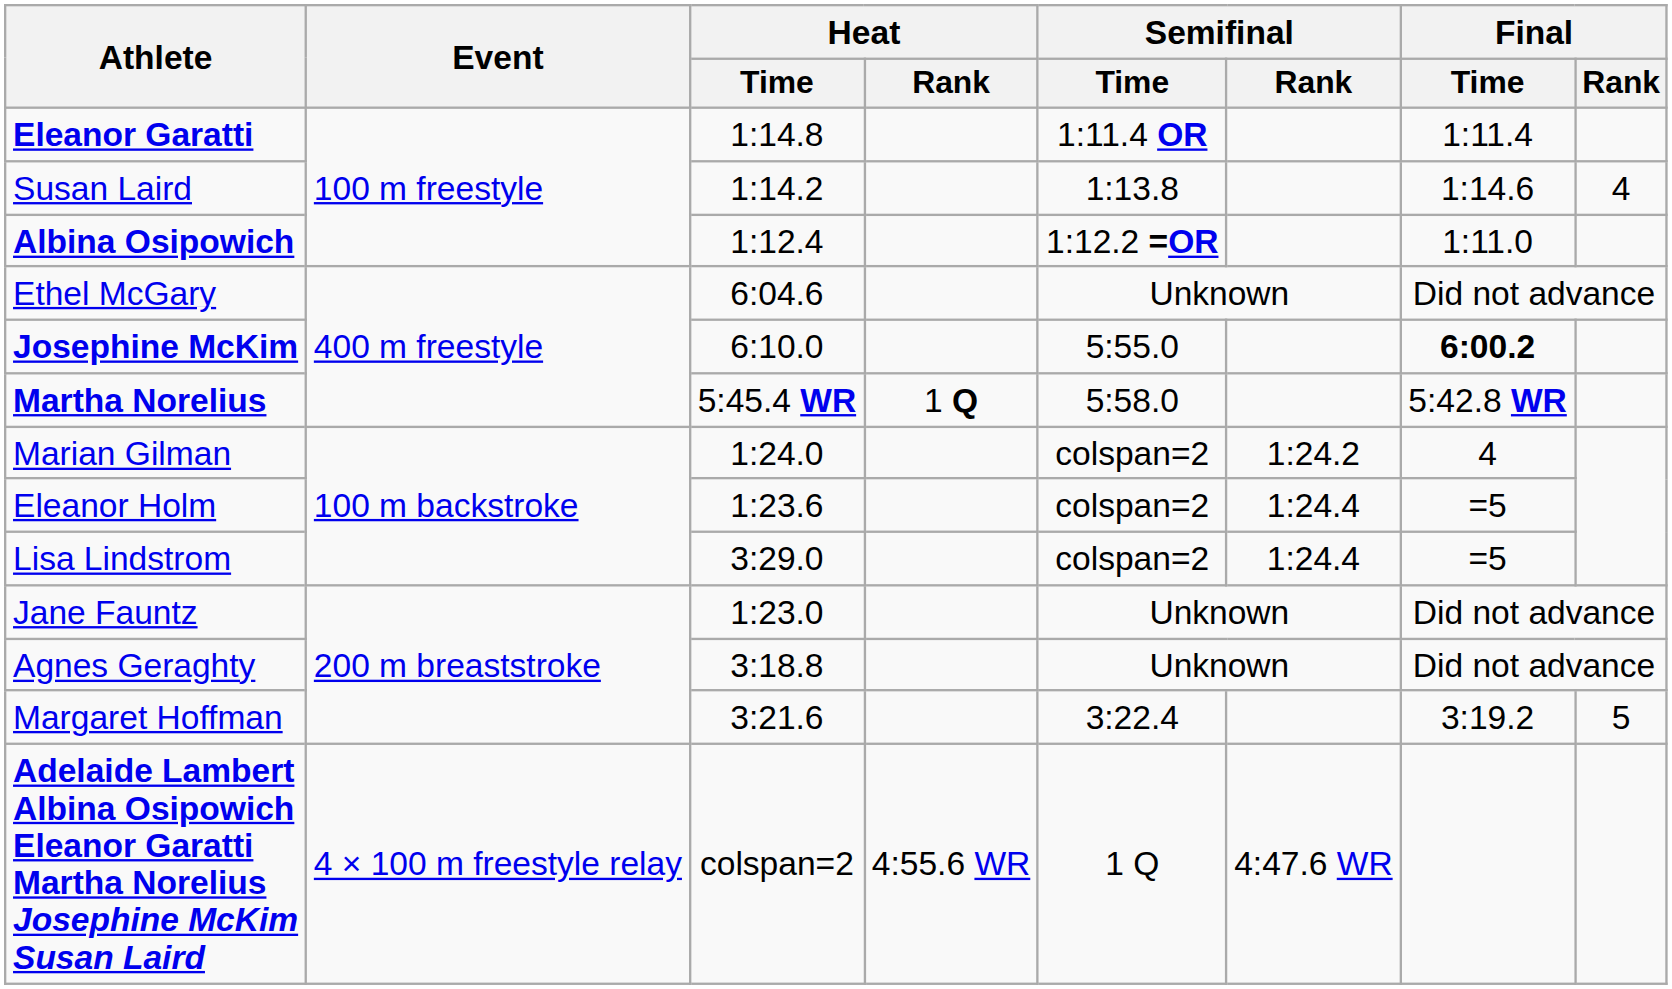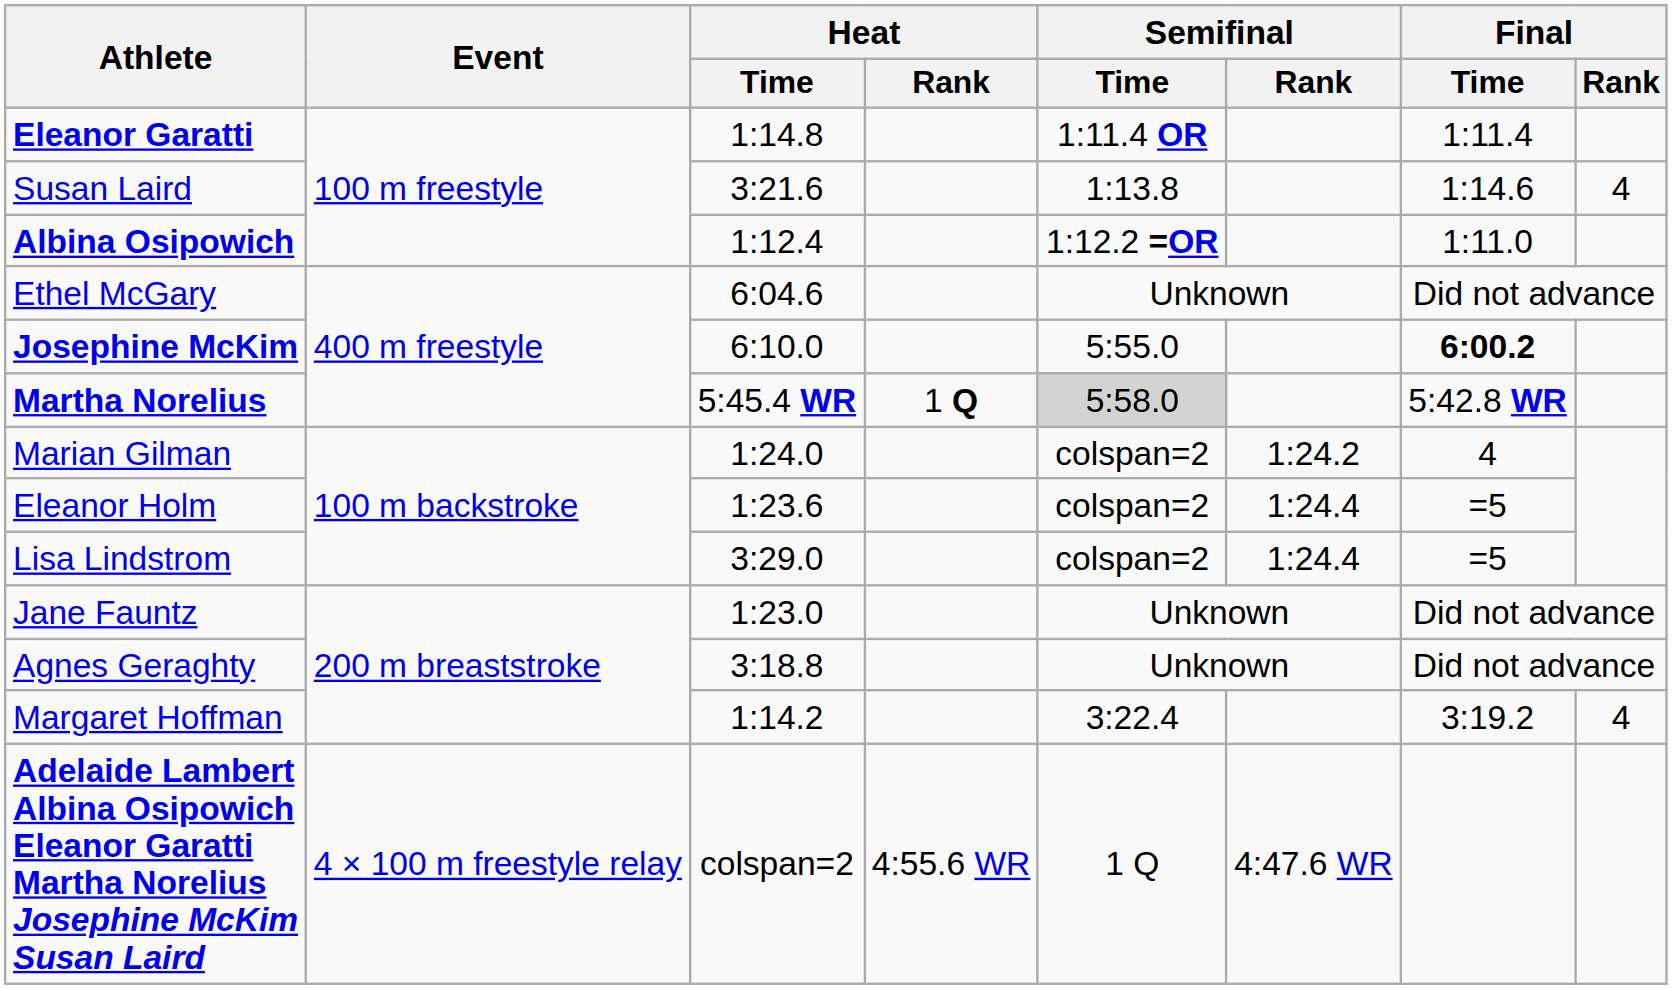 <table class=wikitable style="font-size:90%;">
 <tr>
 <th rowspan=2>Athlete</th>
 <th rowspan=2>Event</th>
 <th colspan=2>Heat</th>
 <th colspan=2>Semifinal</th>
 <th colspan=2>Final</th>
 </tr>
 <tr style="font-size:95%">
 <th>Time</th>
 <th>Rank</th>
 <th>Time</th>
 <th>Rank</th>
 <th>Time</th>
 <th>Rank</th>
 </tr>
 <tr align=center>
 <td align=left><strong><a href='#'>Eleanor Garatti</a></strong></td>
 <td rowspan=3 align=left><a href='#'>100 m freestyle</a></td>
 <td>1:14.8</td>
 <td></td>
 <td>1:11.4 <strong><a href='#'>OR</a></strong></td>
 <td></td>
 <td>1:11.4</td>
 <td></td>
 </tr>
 <tr align=center>
 <td align=left><a href='#'>Susan Laird</a></td>
-<td>1:14.2</td>
+<td>3:21.6</td>
 <td></td>
 <td>1:13.8</td>
 <td></td>
 <td>1:14.6</td>
 <td>4</td>
 </tr>
 <tr align=center>
 <td align=left><strong><a href='#'>Albina Osipowich</a></strong></td>
 <td>1:12.4</td>
 <td></td>
 <td>1:12.2 <strong>=<a href='#'>OR</a></strong></td>
 <td></td>
 <td>1:11.0</td>
 <td></td>
 </tr>
 <tr align=center>
 <td align=left><a href='#'>Ethel McGary</a></td>
 <td rowspan=3 align=left><a href='#'>400 m freestyle</a></td>
 <td>6:04.6</td>
 <td></td>
 <td colspan=2>Unknown</td>
 <td colspan=2>Did not advance</td>
 </tr>
 <tr align=center>
 <td align=left><strong><a href='#'>Josephine McKim</a></strong></td>
 <td>6:10.0</td>
 <td></td>
 <td>5:55.0</td>
 <td></td>
 <td><strong>6:00.2</strong></td>
 <td></td>
 </tr>
 <tr align=center>
 <td align=left><strong><a href='#'>Martha Norelius</a></strong></td>
 <td>5:45.4 <strong><a href='#'>WR</a></strong></td>
 <td>1 <strong>Q</strong></td>
-<td>5:58.0</td>
+<td style="background: lightgrey;">5:58.0</td>
 <td></td>
 <td>5:42.8 <strong><a href='#'>WR</a></strong></td>
 <td></td>
 </tr>
 <tr align=center>
 <td align=left><a href='#'>Marian Gilman</a></td>
 <td rowspan=3 align=left><a href='#'>100 m backstroke</a></td>
 <td>1:24.0</td>
 <td></td>
 <td>colspan=2 </td>
 <td>1:24.2</td>
 <td>4</td>
 </tr>
 <tr align=center>
 <td align=left><a href='#'>Eleanor Holm</a></td>
 <td>1:23.6</td>
 <td></td>
 <td>colspan=2 </td>
 <td>1:24.4</td>
 <td>=5</td>
 </tr>
 <tr align=center>
 <td align=left><a href='#'>Lisa Lindstrom</a></td>
 <td>3:29.0</td>
 <td></td>
 <td>colspan=2 </td>
 <td>1:24.4</td>
 <td>=5</td>
 </tr>
 <tr align=center>
 <td align=left><a href='#'>Jane Fauntz</a></td>
 <td rowspan=3 align=left><a href='#'>200 m breaststroke</a></td>
 <td>1:23.0</td>
 <td></td>
 <td colspan=2>Unknown</td>
 <td colspan=2>Did not advance</td>
 </tr>
 <tr align=center>
 <td align=left><a href='#'>Agnes Geraghty</a></td>
 <td>3:18.8</td>
 <td></td>
 <td colspan=2>Unknown</td>
 <td colspan=2>Did not advance</td>
 </tr>
 <tr align=center>
 <td align=left><a href='#'>Margaret Hoffman</a></td>
-<td>3:21.6</td>
+<td>1:14.2</td>
 <td></td>
 <td>3:22.4</td>
 <td></td>
 <td>3:19.2</td>
-<td>5</td>
+<td>4</td>
 </tr>
 <tr align=center>
 <td align=left><strong><a href='#'>Adelaide Lambert</a><br><a href='#'>Albina Osipowich</a><br><a href='#'>Eleanor Garatti</a><br><a href='#'>Martha Norelius</a><br><em><a href='#'>Josephine McKim</a><br><a href='#'>Susan Laird</a><strong><em></td>
 <td align=left><a href='#'>4 × 100 m freestyle relay</a></td>
 <td>colspan=2 </td>
 <td>4:55.6 </strong><a href='#'>WR</a><strong></td>
 <td>1 </strong>Q<strong></td>
 <td>4:47.6 </strong><a href='#'>WR</a><strong></td>
 <td></td>
 </tr>
 </table>
